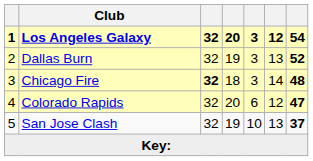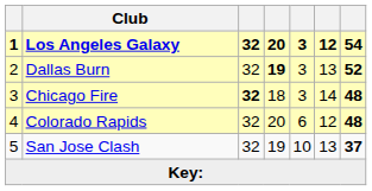 <table class="wikitable" style="text-align:center; margin:0; font-size: 95%; display:inline-table;">
 <tr>
 <th scope=col></th>
 <th scope=col width=195>Club</th>
 <th scope=col></th>
 <th scope=col></th>
 <th scope=col></th>
 <th scope=col></th>
 <th scope=col></th>
 </tr>
 <tr style="background:#FFFEBB; font-weight:bold;">
 <td>1</td>
 <td align=left><a href='#'>Los Angeles Galaxy</a></td>
 <td>32</td>
 <td>20</td>
 <td>3</td>
 <td>12</td>
 <td>54</td>
 </tr>
 <tr style="background:#FFFEBB;">
 <td>2</td>
 <td align=left><a href='#'>Dallas Burn</a></td>
 <td>32</td>
-<td>19</td>
+<td><strong>19</strong></td>
 <td>3</td>
 <td>13</td>
 <td><strong>52</strong></td>
 </tr>
 <tr style="background:#FFFEBB;">
 <td>3</td>
 <td align=left><a href='#'>Chicago Fire</a></td>
 <td><strong>32</strong></td>
 <td>18</td>
 <td>3</td>
 <td>14</td>
 <td><strong>48</strong></td>
 </tr>
 <tr style="background:#FFFEBB;">
 <td>4</td>
 <td align=left><a href='#'>Colorado Rapids</a></td>
 <td>32</td>
 <td>20</td>
 <td>6</td>
 <td>12</td>
-<td><strong>47</strong></td>
+<td><strong>48</strong></td>
 </tr>
 <tr>
 <td>5</td>
 <td align=left><a href='#'>San Jose Clash</a></td>
 <td>32</td>
 <td>19</td>
 <td>10</td>
 <td>13</td>
 <td><strong>37</strong></td>
 </tr>
 <tr style="background:#eee;">
 <td colspan=7 align=center><strong>Key:</strong>   </td>
 </tr>
 </table>
